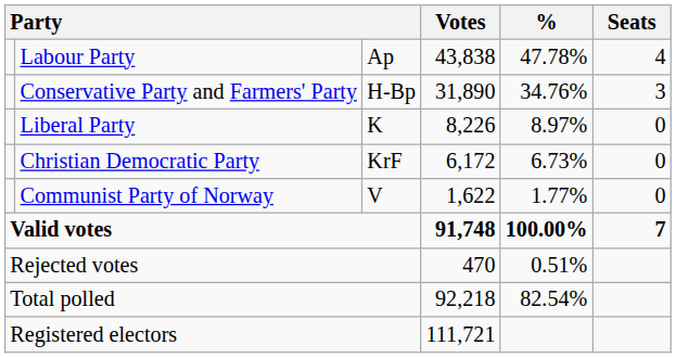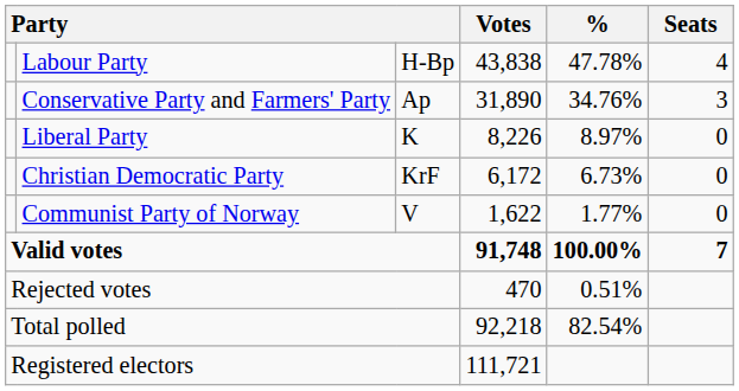 <table class="wikitable" border="1" style="text-align:right;">
 <tr>
 <th style="text-align:left;" colspan=3>Party</th>
 <th align=center width="50">Votes</th>
 <th align=center width="50">%</th>
 <th align=center width="50">Seats</th>
 </tr>
 <tr>
 <td style="color:inherit;background:"></td>
 <td align=left><a href='#'>Labour Party</a></td>
-<td align=left>Ap</td>
+<td align=left>H-Bp</td>
 <td>43,838</td>
 <td>47.78%</td>
 <td>4</td>
 </tr>
 <tr>
 <td></td>
 <td align=left><a href='#'>Conservative Party</a> and <a href='#'>Farmers' Party</a></td>
-<td align=left>H-Bp</td>
+<td align=left>Ap</td>
 <td>31,890</td>
 <td>34.76%</td>
 <td>3</td>
 </tr>
 <tr>
 <td style="color:inherit;background:"></td>
 <td align=left><a href='#'>Liberal Party</a></td>
 <td align=left>K</td>
 <td>8,226</td>
 <td>8.97%</td>
 <td>0</td>
 </tr>
 <tr>
 <td style="color:inherit;background:"></td>
 <td align=left><a href='#'>Christian Democratic Party</a></td>
 <td align=left>KrF</td>
 <td>6,172</td>
 <td>6.73%</td>
 <td>0</td>
 </tr>
 <tr>
 <td style="color:inherit;background:"></td>
 <td align=left><a href='#'>Communist Party of Norway</a></td>
 <td align=left>V</td>
 <td>1,622</td>
 <td>1.77%</td>
 <td>0</td>
 </tr>
 <tr style="font-weight:bold">
 <td align=left colspan=3>Valid votes</td>
 <td>91,748</td>
 <td>100.00%</td>
 <td>7</td>
 </tr>
 <tr>
 <td align=left colspan=3>Rejected votes</td>
 <td>470</td>
 <td>0.51%</td>
 <td></td>
 </tr>
 <tr>
 <td align=left colspan=3>Total polled</td>
 <td>92,218</td>
 <td>82.54%</td>
 <td></td>
 </tr>
 <tr>
 <td align=left colspan=3>Registered electors</td>
 <td>111,721</td>
 <td></td>
 <td></td>
 </tr>
 </table>
